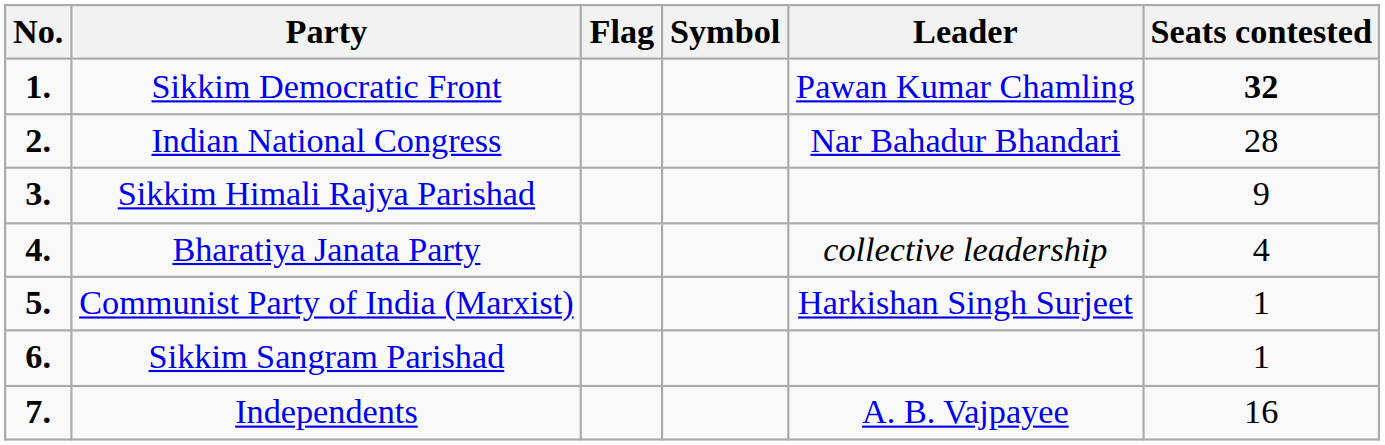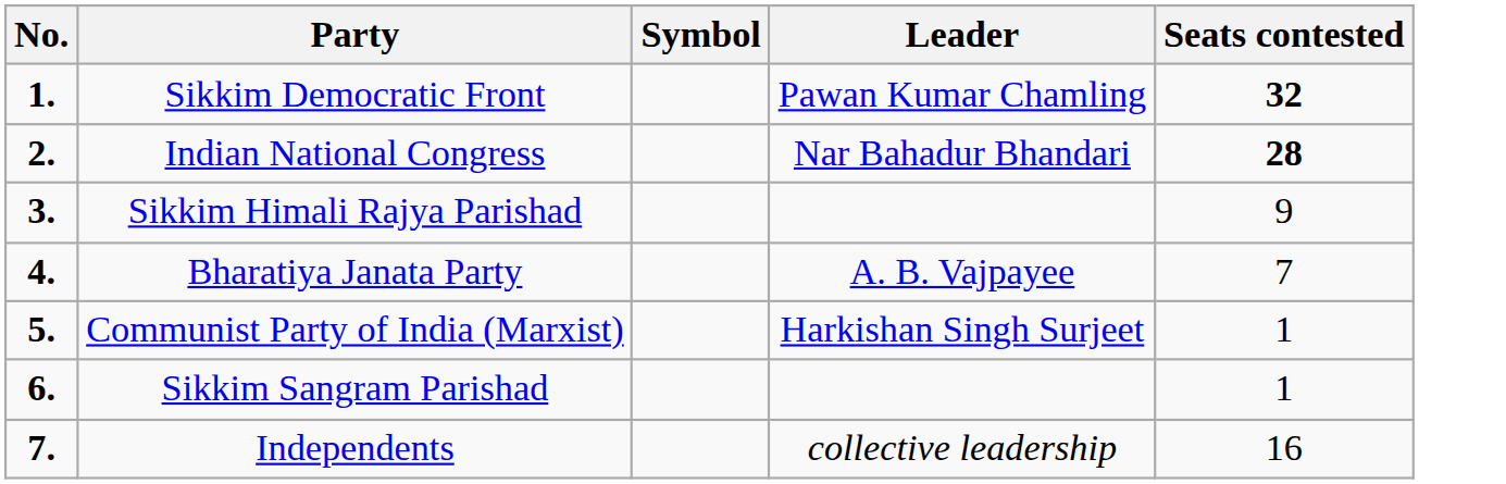 <table class="wikitable">
 <tr>
 <th>No.</th>
 <th>Party</th>
-<th>Flag</th>
 <th>Symbol</th>
 <th>Leader</th>
 <th>Seats contested</th>
 </tr>
 <tr>
 <td ! style="text-align:center; background:"><strong>1.</strong></td>
 <td style="text-align:center"><a href='#'>Sikkim Democratic Front</a></td>
 <td></td>
-<td></td>
 <td style="text-align:center"><a href='#'>Pawan Kumar Chamling</a></td>
 <td style="text-align:center"><strong>32</strong></td>
 </tr>
 <tr>
 <td ! style="text-align:center; background:"><strong>2.</strong></td>
 <td style="text-align:center"><a href='#'>Indian National Congress</a></td>
 <td></td>
-<td></td>
 <td style="text-align:center"><a href='#'>Nar Bahadur Bhandari</a></td>
-<td style="text-align:center">28</td>
+<td style="text-align:center"><strong>28</strong></td>
 </tr>
 <tr>
 <td ! style="text-align:center; background:"><strong>3.</strong></td>
 <td style="text-align:center"><a href='#'>Sikkim Himali Rajya Parishad</a></td>
-<td></td>
 <td></td>
 <td style="text-align:center"></td>
 <td style="text-align:center">9</td>
 </tr>
 <tr>
 <td ! style="text-align:center; background:"><strong>4.</strong></td>
 <td style="text-align:center"><a href='#'>Bharatiya Janata Party</a></td>
 <td></td>
-<td></td>
-<td style="text-align:center"><em>collective leadership</em></td>
-<td style="text-align:center">4</td>
+<td style="text-align:center"><a href='#'>A. B. Vajpayee</a></td>
+<td style="text-align:center">7</td>
 </tr>
 <tr>
 <td ! style="text-align:center; background:"><strong>5.</strong></td>
 <td style="text-align:center"><a href='#'>Communist Party of India (Marxist)</a></td>
-<td></td>
 <td></td>
 <td style="text-align:center"><a href='#'>Harkishan Singh Surjeet</a></td>
 <td style="text-align:center">1</td>
 </tr>
 <tr>
 <td ! style="text-align:center; background:"><strong>6.</strong></td>
 <td style="text-align:center"><a href='#'>Sikkim Sangram Parishad</a></td>
 <td></td>
-<td></td>
 <td style="text-align:center"></td>
 <td style="text-align:center">1</td>
 </tr>
 <tr>
 <td ! style="text-align:center; background:"><strong>7.</strong></td>
 <td style="text-align:center"><a href='#'>Independents</a></td>
 <td></td>
-<td></td>
-<td style="text-align:center"><a href='#'>A. B. Vajpayee</a></td>
+<td style="text-align:center"><em>collective leadership</em></td>
 <td style="text-align:center">16</td>
 </tr>
 </table>
